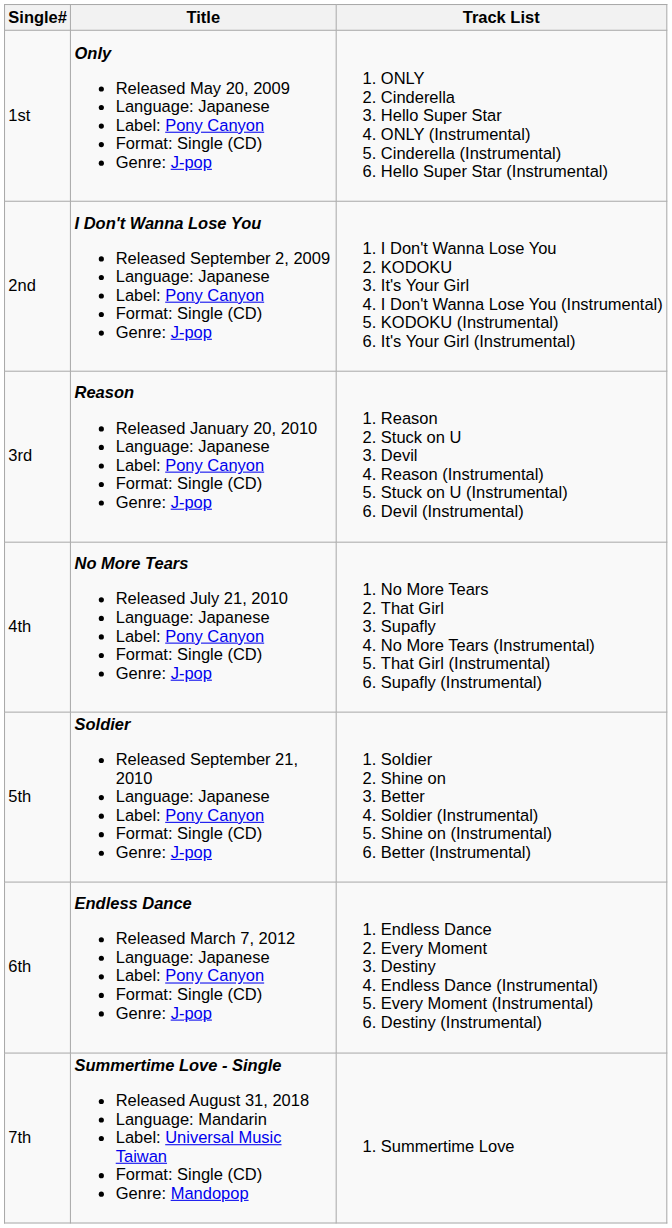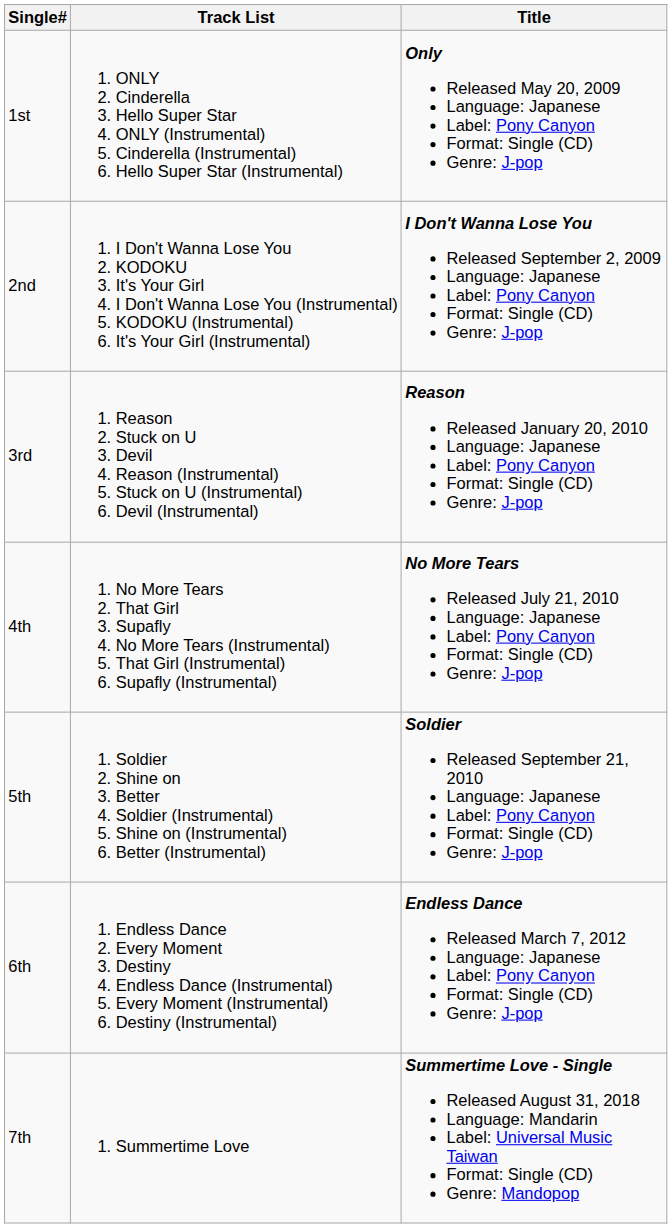 <table class="wikitable">
 <tr>
 <th>Single#</th>
+<th>Track List</th>
 <th width="250px">Title</th>
-<th>Track List</th>
 </tr>
 <tr>
 <td>1st</td>
+<td><br><ol><li>ONLY</li><li>Cinderella</li><li>Hello Super Star</li><li>ONLY (Instrumental)</li><li>Cinderella (Instrumental)</li><li>Hello Super Star (Instrumental)</li></ol></td>
 <td><strong><em>Only</em></strong><br><ul><li>Released May 20, 2009</li><li>Language: Japanese</li><li>Label: <a href='#'>Pony Canyon</a></li><li>Format: Single (CD)</li><li>Genre: <a href='#'>J-pop</a></li></ul></td>
-<td><br><ol><li>ONLY</li><li>Cinderella</li><li>Hello Super Star</li><li>ONLY (Instrumental)</li><li>Cinderella (Instrumental)</li><li>Hello Super Star (Instrumental)</li></ol></td>
 </tr>
 <tr>
 <td>2nd</td>
+<td><br><ol><li>I Don't Wanna Lose You</li><li>KODOKU</li><li>It's Your Girl</li><li>I Don't Wanna Lose You (Instrumental)</li><li>KODOKU (Instrumental)</li><li>It's Your Girl (Instrumental)</li></ol></td>
 <td><strong><em>I Don't Wanna Lose You</em></strong><br><ul><li>Released September 2, 2009</li><li>Language: Japanese</li><li>Label: <a href='#'>Pony Canyon</a></li><li>Format: Single (CD)</li><li>Genre: <a href='#'>J-pop</a></li></ul></td>
-<td><br><ol><li>I Don't Wanna Lose You</li><li>KODOKU</li><li>It's Your Girl</li><li>I Don't Wanna Lose You (Instrumental)</li><li>KODOKU (Instrumental)</li><li>It's Your Girl (Instrumental)</li></ol></td>
 </tr>
 <tr>
 <td>3rd</td>
+<td><br><ol><li>Reason</li><li>Stuck on U</li><li>Devil</li><li>Reason (Instrumental)</li><li>Stuck on U (Instrumental)</li><li>Devil (Instrumental)</li></ol></td>
 <td><strong><em>Reason</em></strong><br><ul><li>Released January 20, 2010</li><li>Language: Japanese</li><li>Label: <a href='#'>Pony Canyon</a></li><li>Format: Single (CD)</li><li>Genre: <a href='#'>J-pop</a></li></ul></td>
-<td><br><ol><li>Reason</li><li>Stuck on U</li><li>Devil</li><li>Reason (Instrumental)</li><li>Stuck on U (Instrumental)</li><li>Devil (Instrumental)</li></ol></td>
 </tr>
 <tr>
 <td>4th</td>
+<td><br><ol><li>No More Tears</li><li>That Girl</li><li>Supafly</li><li>No More Tears (Instrumental)</li><li>That Girl (Instrumental)</li><li>Supafly (Instrumental)</li></ol></td>
 <td><strong><em>No More Tears</em></strong><br><ul><li>Released July 21, 2010</li><li>Language: Japanese</li><li>Label: <a href='#'>Pony Canyon</a></li><li>Format: Single (CD)</li><li>Genre: <a href='#'>J-pop</a></li></ul></td>
-<td><br><ol><li>No More Tears</li><li>That Girl</li><li>Supafly</li><li>No More Tears (Instrumental)</li><li>That Girl (Instrumental)</li><li>Supafly (Instrumental)</li></ol></td>
 </tr>
 <tr>
 <td>5th</td>
+<td><br><ol><li>Soldier</li><li>Shine on</li><li>Better</li><li>Soldier (Instrumental)</li><li>Shine on (Instrumental)</li><li>Better (Instrumental)</li></ol></td>
 <td><strong><em>Soldier</em></strong><br><ul><li>Released September 21, 2010</li><li>Language: Japanese</li><li>Label: <a href='#'>Pony Canyon</a></li><li>Format: Single (CD)</li><li>Genre: <a href='#'>J-pop</a></li></ul></td>
-<td><br><ol><li>Soldier</li><li>Shine on</li><li>Better</li><li>Soldier (Instrumental)</li><li>Shine on (Instrumental)</li><li>Better (Instrumental)</li></ol></td>
 </tr>
 <tr>
 <td>6th</td>
+<td><br><ol><li>Endless Dance</li><li>Every Moment</li><li>Destiny</li><li>Endless Dance (Instrumental)</li><li>Every Moment (Instrumental)</li><li>Destiny (Instrumental)</li></ol></td>
 <td><strong><em>Endless Dance</em></strong><br><ul><li>Released March 7, 2012</li><li>Language: Japanese</li><li>Label: <a href='#'>Pony Canyon</a></li><li>Format: Single (CD)</li><li>Genre: <a href='#'>J-pop</a></li></ul></td>
-<td><br><ol><li>Endless Dance</li><li>Every Moment</li><li>Destiny</li><li>Endless Dance (Instrumental)</li><li>Every Moment (Instrumental)</li><li>Destiny (Instrumental)</li></ol></td>
 </tr>
 <tr>
 <td>7th</td>
+<td><br><ol><li>Summertime Love</li></ol></td>
 <td><strong><em>Summertime Love - Single</em></strong><br><ul><li>Released August 31, 2018</li><li>Language: Mandarin</li><li>Label: <a href='#'>Universal Music Taiwan</a></li><li>Format: Single (CD)</li><li>Genre: <a href='#'>Mandopop</a></li></ul></td>
-<td><br><ol><li>Summertime Love</li></ol></td>
 </tr>
 </table>
